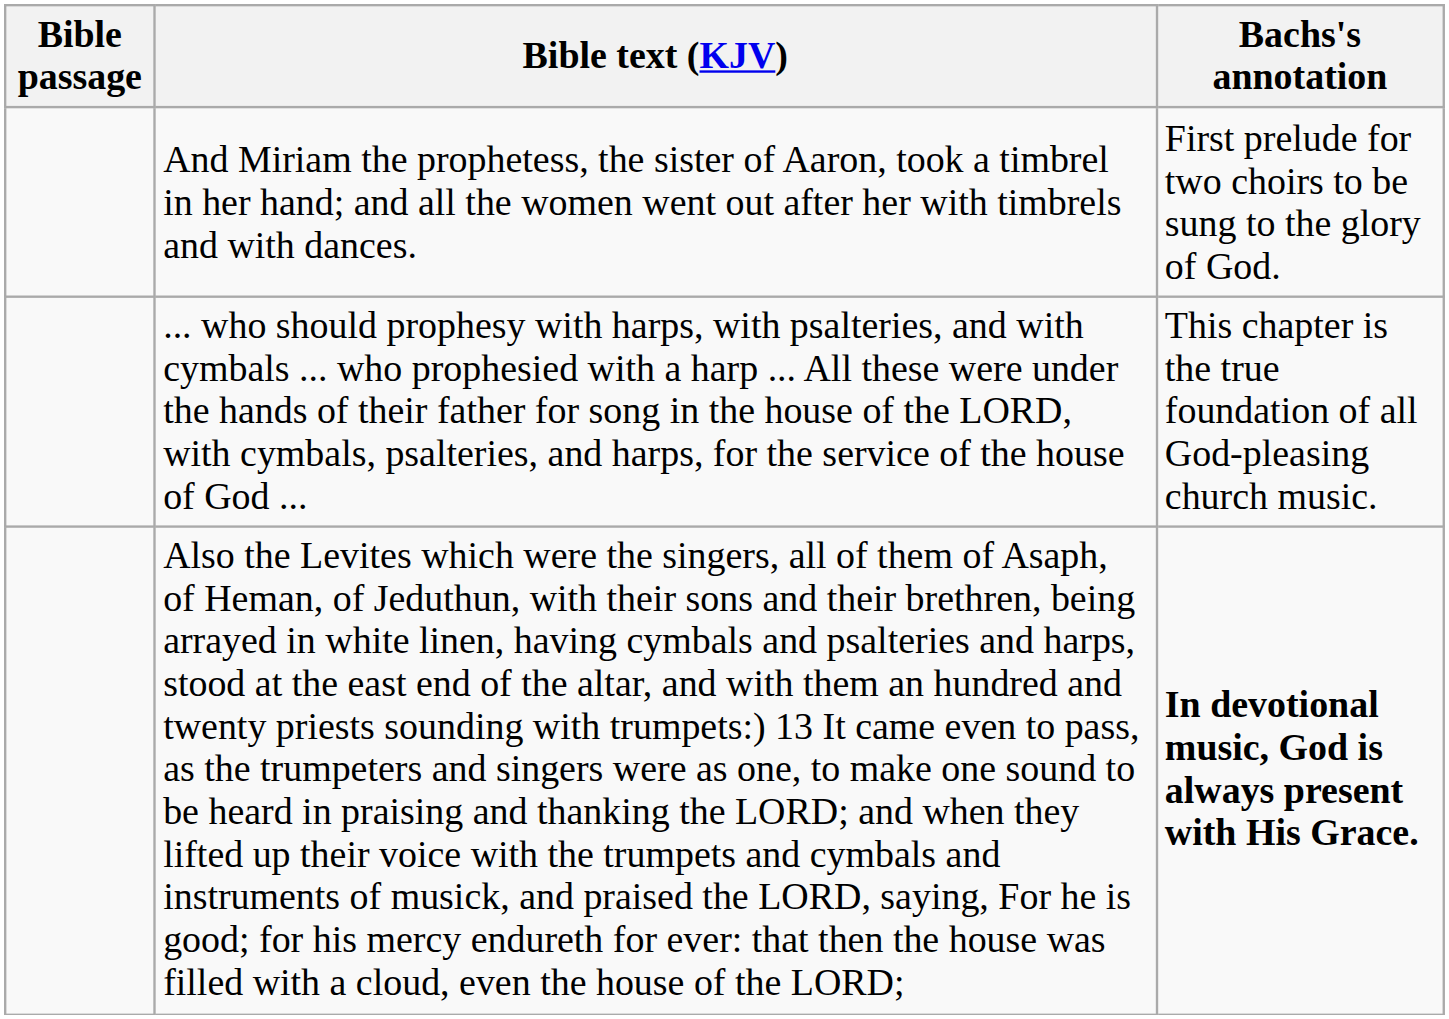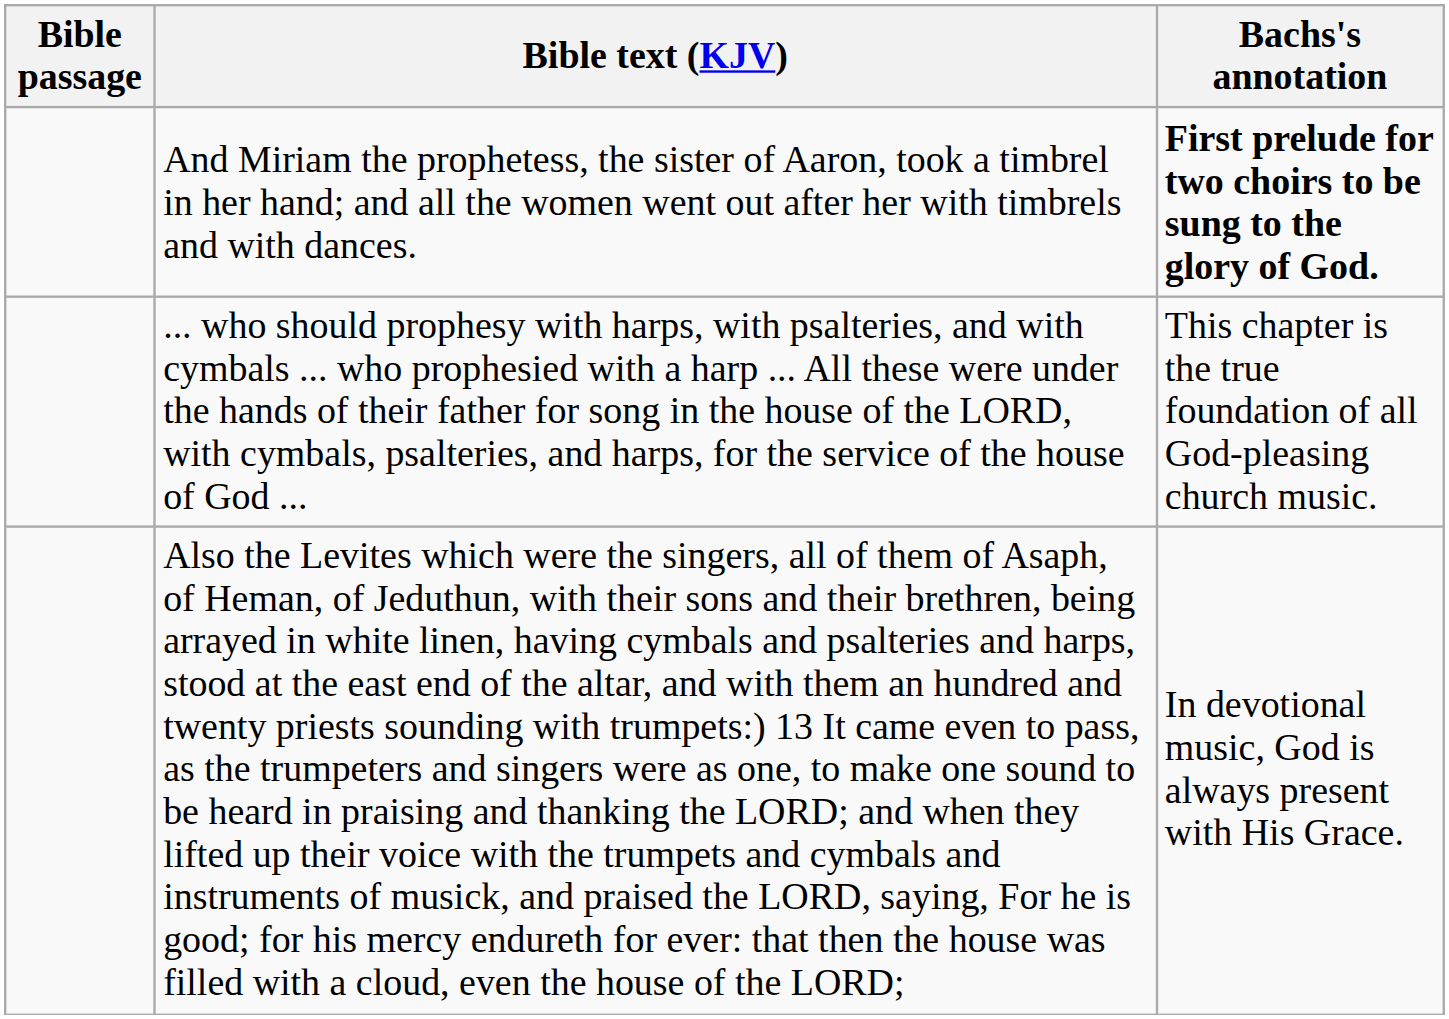 <table class=wikitable>
 <tr>
 <th>Bible passage</th>
 <th>Bible text (<a href='#'>KJV</a>)</th>
 <th style="width:20%;">Bachs's annotation</th>
 </tr>
 <tr>
 <td></td>
 <td>And Miriam the prophetess, the sister of Aaron, took a timbrel in her hand; and all the women went out after her with timbrels and with dances.</td>
-<td>First prelude for two choirs to be sung to the glory of God.</td>
+<td><strong>First prelude for two choirs to be sung to the glory of God.</strong></td>
 </tr>
 <tr>
 <td></td>
 <td>... who should prophesy with harps, with psalteries, and with cymbals ... who prophesied with a harp ... All these were under the hands of their father for song in the house of the LORD, with cymbals, psalteries, and harps, for the service of the house of God ...</td>
 <td>This chapter is the true foundation of all God-pleasing church music.</td>
 </tr>
 <tr>
 <td></td>
 <td>Also the Levites which were the singers, all of them of Asaph, of Heman, of Jeduthun, with their sons and their brethren, being arrayed in white linen, having cymbals and psalteries and harps, stood at the east end of the altar, and with them an hundred and twenty priests sounding with trumpets:) 13 It came even to pass, as the trumpeters and singers were as one, to make one sound to be heard in praising and thanking the LORD; and when they lifted up their voice with the trumpets and cymbals and instruments of musick, and praised the LORD, saying, For he is good; for his mercy endureth for ever: that then the house was filled with a cloud, even the house of the LORD;</td>
-<td><strong>In devotional music, God is always present with His Grace.</strong></td>
+<td>In devotional music, God is always present with His Grace.</td>
 </tr>
 </table>
